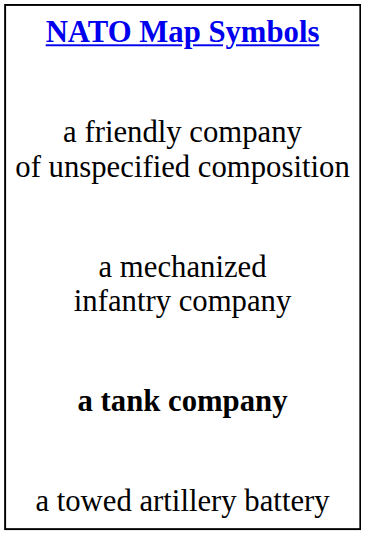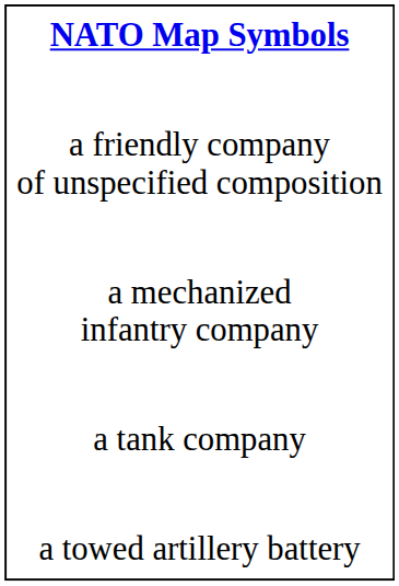 <table class="floatright" style="border:1px solid black; background:white;float: right;text-align: center" cellpadding="3">
 <tr>
 <th><a href='#'>NATO Map Symbols</a></th>
 </tr>
 <tr>
 <td><br></td>
 </tr>
 <tr>
 <td>a friendly company<br> of unspecified composition</td>
 </tr>
 <tr>
 <td><br></td>
 </tr>
 <tr>
 <td>a mechanized<br> infantry company</td>
 </tr>
 <tr>
 <td><br></td>
 </tr>
 <tr>
-<td><strong>a tank company</strong></td>
+<td>a tank company</td>
 </tr>
 <tr>
 <td><br></td>
 </tr>
 <tr>
 <td>a towed artillery battery</td>
 </tr>
 </table>
